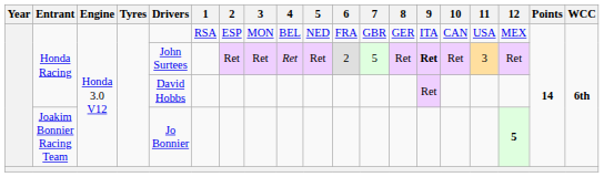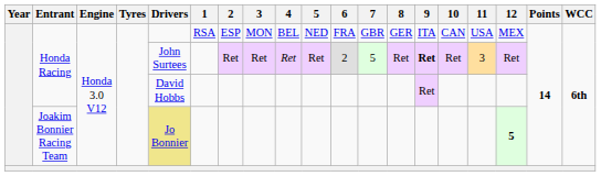 <table class="wikitable" style="text-align:center; font-size:95%">
 <tr>
 <th>Year</th>
 <th>Entrant</th>
 <th>Engine</th>
 <th>Tyres</th>
 <th>Drivers</th>
 <th>1</th>
 <th>2</th>
 <th>3</th>
 <th>4</th>
 <th>5</th>
 <th>6</th>
 <th>7</th>
 <th>8</th>
 <th>9</th>
 <th>10</th>
 <th>11</th>
 <th>12</th>
 <th>Points</th>
 <th>WCC</th>
 </tr>
 <tr>
 <th rowspan="4"></th>
 <td rowspan="3"><a href='#'>Honda Racing</a></td>
 <td rowspan="4"><a href='#'>Honda</a> 3.0 <a href='#'>V12</a></td>
 <td rowspan="4"></td>
 <td></td>
 <td><a href='#'>RSA</a></td>
 <td><a href='#'>ESP</a></td>
 <td><a href='#'>MON</a></td>
 <td><a href='#'>BEL</a></td>
 <td><a href='#'>NED</a></td>
 <td><a href='#'>FRA</a></td>
 <td><a href='#'>GBR</a></td>
 <td><a href='#'>GER</a></td>
 <td><a href='#'>ITA</a></td>
 <td><a href='#'>CAN</a></td>
 <td><a href='#'>USA</a></td>
 <td><a href='#'>MEX</a></td>
 <td rowspan="4"><strong>14</strong></td>
 <td rowspan="4"><strong>6th</strong></td>
 </tr>
 <tr>
 <td><a href='#'>John Surtees</a></td>
 <td></td>
 <td style="background:#efcfff;">Ret</td>
 <td style="background:#efcfff;">Ret</td>
 <td style="background:#efcfff;"><em>Ret</em></td>
 <td style="background:#efcfff;">Ret</td>
 <td style="background:#dfdfdf;">2</td>
 <td style="background:#dfffdf;">5</td>
 <td style="background:#efcfff;">Ret</td>
 <td style="background:#efcfff;"><strong>Ret</strong></td>
 <td style="background:#efcfff;">Ret</td>
 <td style="background:#ffdf9f;">3</td>
 <td style="background:#efcfff;">Ret</td>
 </tr>
 <tr>
 <td><a href='#'>David Hobbs</a></td>
 <td></td>
 <td></td>
 <td></td>
 <td></td>
 <td></td>
 <td></td>
 <td></td>
 <td></td>
 <td style="background:#efcfff;">Ret</td>
 <td></td>
 <td></td>
 <td></td>
 </tr>
 <tr>
 <td><a href='#'>Joakim Bonnier Racing Team</a></td>
-<td><a href='#'>Jo Bonnier</a></td>
+<td style="background: khaki;"><a href='#'>Jo Bonnier</a></td>
 <td></td>
 <td></td>
 <td></td>
 <td></td>
 <td></td>
 <td></td>
 <td></td>
 <td></td>
 <td></td>
 <td></td>
 <td></td>
 <td style="background:#dfffdf;"><strong>5</strong></td>
 </tr>
 <tr>
 <th colspan="19"></th>
 </tr>
 </table>
